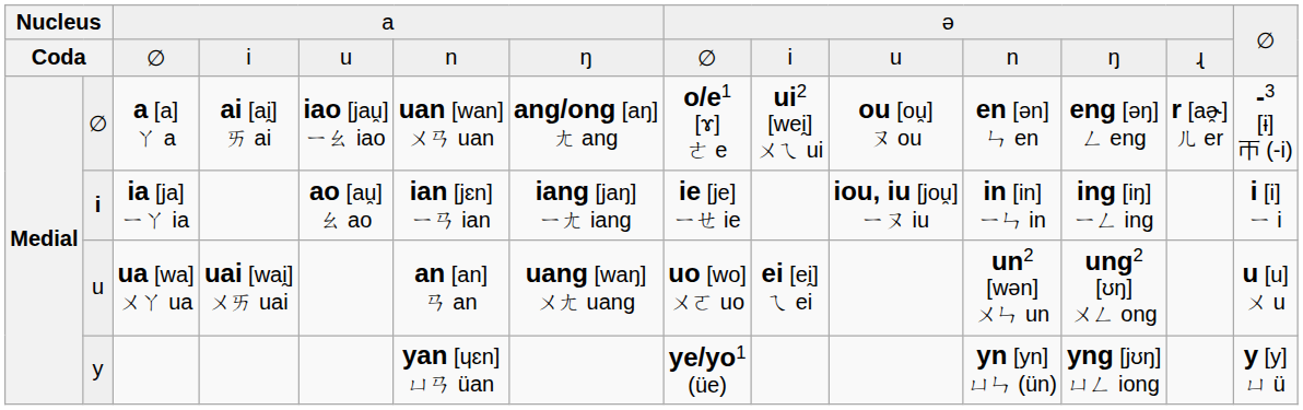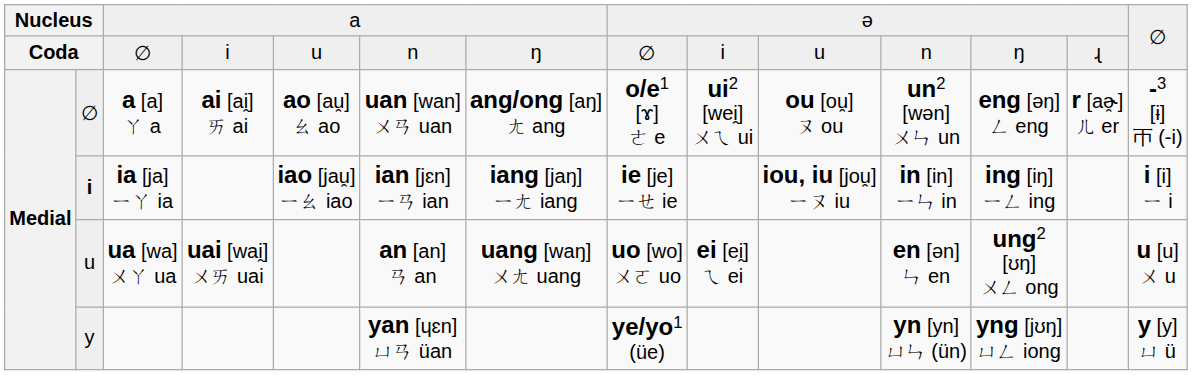 <table class="wikitable" style="text-align: center;">
 <tr bgcolor=#efefef>
 <th colspan="2">Nucleus</th>
 <td colspan="5">a</td>
 <td colspan="6">ə</td>
 <td rowspan="2">∅</td>
 </tr>
 <tr bgcolor=#efefef>
 <th colspan="2">Coda</th>
 <td>∅</td>
 <td>i</td>
 <td>u</td>
 <td>n</td>
 <td>ŋ</td>
 <td>∅</td>
 <td>i</td>
 <td>u</td>
 <td>n</td>
 <td>ŋ</td>
 <td>ɻ</td>
 </tr>
 <tr>
 <th rowspan="4">Medial</th>
 <td bgcolor=#efefef>∅</td>
 <td><strong><big>a</big></strong> [a]<br>ㄚ a</td>
 <td><strong><big>ai</big></strong> [ai̯]<br>ㄞ ai</td>
-<td><strong><big>iao</big></strong> [jau̯]<br>ㄧㄠ iao</td>
+<td><strong><big>ao</big></strong> [au̯]<br>ㄠ ao</td>
 <td><strong><big>uan</big></strong> [wan]<br>ㄨㄢ uan</td>
 <td><strong><big>ang/ong</big></strong> [aŋ]<br>ㄤ ang</td>
 <td><strong><big>o/e</big></strong><sup>1</sup><br>[ɤ]<br>ㄜ e</td>
 <td><strong><big>ui</big></strong><sup>2</sup><br>[wei̯]<br>ㄨㄟ ui</td>
 <td><strong><big>ou</big></strong> [ou̯]<br>ㄡ ou</td>
-<td><strong><big>en</big></strong> [ən]<br>ㄣ en</td>
+<td><strong><big>un</big></strong><sup>2</sup><br>[wən]<br>ㄨㄣ un</td>
 <td><strong><big>eng</big></strong> [əŋ]<br>ㄥ eng</td>
 <td><strong><big>r</big></strong> [aɚ̯]<br>ㄦ er</td>
 <td><strong><big>-</big></strong><sup>3</sup><br> [ɨ]<br>ㄭ (-i)</td>
 </tr>
 <tr>
 <td bgcolor=#efefef><strong>i</strong></td>
 <td><strong><big>ia</big></strong> [ja]<br>ㄧㄚ ia</td>
 <td></td>
-<td><strong><big>ao</big></strong> [au̯]<br>ㄠ ao</td>
+<td><strong><big>iao</big></strong> [jau̯]<br>ㄧㄠ iao</td>
 <td><strong><big>ian</big></strong> [jɛn]<br>ㄧㄢ ian</td>
 <td><strong><big>iang</big></strong> [jaŋ]<br>ㄧㄤ iang</td>
 <td><strong><big>ie</big></strong> [je]<br>ㄧㄝ ie</td>
 <td></td>
 <td><strong><big>iou, iu</big></strong> [jou̯]<br>ㄧㄡ iu</td>
 <td><strong><big>in</big></strong> [in]<br>ㄧㄣ in</td>
 <td><strong><big>ing</big></strong> [iŋ]<br>ㄧㄥ ing</td>
 <td></td>
 <td><strong><big>i</big></strong> [i]<br>ㄧ i</td>
 </tr>
 <tr>
 <td bgcolor=#efefef>u</td>
 <td><strong><big>ua</big></strong> [wa]<br>ㄨㄚ ua</td>
 <td><strong><big>uai</big></strong> [wai̯]<br>ㄨㄞ uai</td>
 <td></td>
 <td><strong><big>an</big></strong> [an]<br>ㄢ an</td>
 <td><strong><big>uang</big></strong> [waŋ]<br>ㄨㄤ uang</td>
 <td><strong><big>uo</big></strong> [wo]<br>ㄨㄛ uo</td>
 <td><strong><big>ei</big></strong> [ei̯]<br>ㄟ ei</td>
 <td></td>
-<td><strong><big>un</big></strong><sup>2</sup><br>[wən]<br>ㄨㄣ un</td>
+<td><strong><big>en</big></strong> [ən]<br>ㄣ en</td>
 <td><strong><big>ung</big></strong><sup>2</sup><br>[ʊŋ]<br>ㄨㄥ ong</td>
 <td></td>
 <td><strong><big>u</big></strong> [u]<br>ㄨ u</td>
 </tr>
 <tr>
 <td bgcolor=#efefef>y</td>
 <td></td>
 <td></td>
 <td></td>
 <td><strong><big>yan</big></strong> [ɥɛn]<br>ㄩㄢ üan</td>
 <td></td>
 <td><strong><big>ye/yo</big></strong><sup>1</sup><br> (üe)</td>
 <td></td>
 <td></td>
 <td><strong><big>yn</big></strong> [yn]<br>ㄩㄣ (ün)</td>
 <td><strong><big>yng</big></strong> [jʊŋ]<br>ㄩㄥ iong</td>
 <td></td>
 <td><strong><big>y</big></strong> [y]<br>ㄩ ü</td>
 </tr>
 </table>
